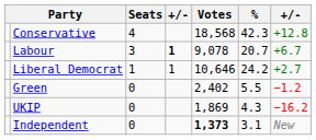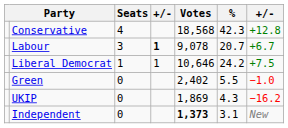 <table class="wikitable sortable">
 <tr>
 <th colspan="2">Party</th>
 <th>Seats</th>
 <th>+/-</th>
 <th>Votes</th>
 <th>%</th>
 <th>+/-</th>
 </tr>
 <tr>
 <td style="background-color: "></td>
 <td><a href='#'>Conservative</a></td>
 <td>4</td>
 <td></td>
 <td>18,568</td>
 <td>42.3</td>
 <td style="color:green">+12.8</td>
 </tr>
 <tr>
 <td style="background-color: "></td>
 <td><a href='#'>Labour</a></td>
 <td>3</td>
 <td><strong> 1</strong></td>
 <td>9,078</td>
 <td>20.7</td>
 <td style="color:green">+6.7</td>
 </tr>
 <tr>
 <td style="background-color: "></td>
 <td><a href='#'>Liberal Democrat</a></td>
 <td>1</td>
 <td> 1</td>
 <td>10,646</td>
 <td>24.2</td>
-<td style="color:green">+2.7</td>
+<td style="color:green">+7.5</td>
 </tr>
 <tr>
 <td style="background-color: "></td>
 <td><a href='#'>Green</a></td>
 <td>0</td>
 <td></td>
 <td>2,402</td>
 <td>5.5</td>
-<td style="color:red">−1.2</td>
+<td style="color:red">−1.0</td>
 </tr>
 <tr>
 <td style="background-color: "></td>
 <td><a href='#'>UKIP</a></td>
 <td>0</td>
 <td></td>
 <td>1,869</td>
 <td>4.3</td>
 <td style="color:red">−16.2</td>
 </tr>
 <tr>
 <td style="background-color: "></td>
 <td><a href='#'>Independent</a></td>
 <td>0</td>
 <td></td>
 <td><strong>1,373</strong></td>
 <td>3.1</td>
 <td span style="color:grey"><em>New</em></td>
 </tr>
 </table>
